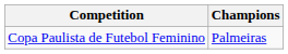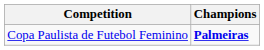 <table class="wikitable">
 <tr>
 <th>Competition</th>
 <th>Champions</th>
 </tr>
 <tr>
 <td><a href='#'>Copa Paulista de Futebol Feminino</a></td>
-<td><a href='#'>Palmeiras</a></td>
+<td><strong><a href='#'>Palmeiras</a></strong></td>
 </tr>
 </table>
